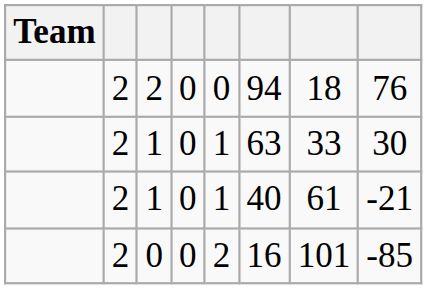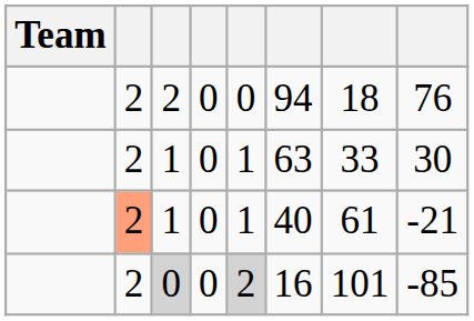 <table class="wikitable" style="text-align: center;">
 <tr>
 <th>Team</th>
 <th></th>
 <th></th>
 <th></th>
 <th></th>
 <th></th>
 <th></th>
 <th></th>
 </tr>
 <tr>
 <td align="left"></td>
 <td>2</td>
 <td>2</td>
 <td>0</td>
 <td>0</td>
 <td>94</td>
 <td>18</td>
 <td>76</td>
 </tr>
 <tr>
 <td align="left"></td>
 <td>2</td>
 <td>1</td>
 <td>0</td>
 <td>1</td>
 <td>63</td>
 <td>33</td>
 <td>30</td>
 </tr>
 <tr>
 <td align="left"></td>
-<td>2</td>
+<td style="background: lightsalmon;">2</td>
 <td>1</td>
 <td>0</td>
 <td>1</td>
 <td>40</td>
 <td>61</td>
 <td>-21</td>
 </tr>
 <tr>
 <td align="left"></td>
 <td>2</td>
+<td style="background: lightgrey;">0</td>
 <td>0</td>
-<td>0</td>
-<td>2</td>
+<td style="background: lightgrey;">2</td>
 <td>16</td>
 <td>101</td>
 <td>-85</td>
 </tr>
 </table>
